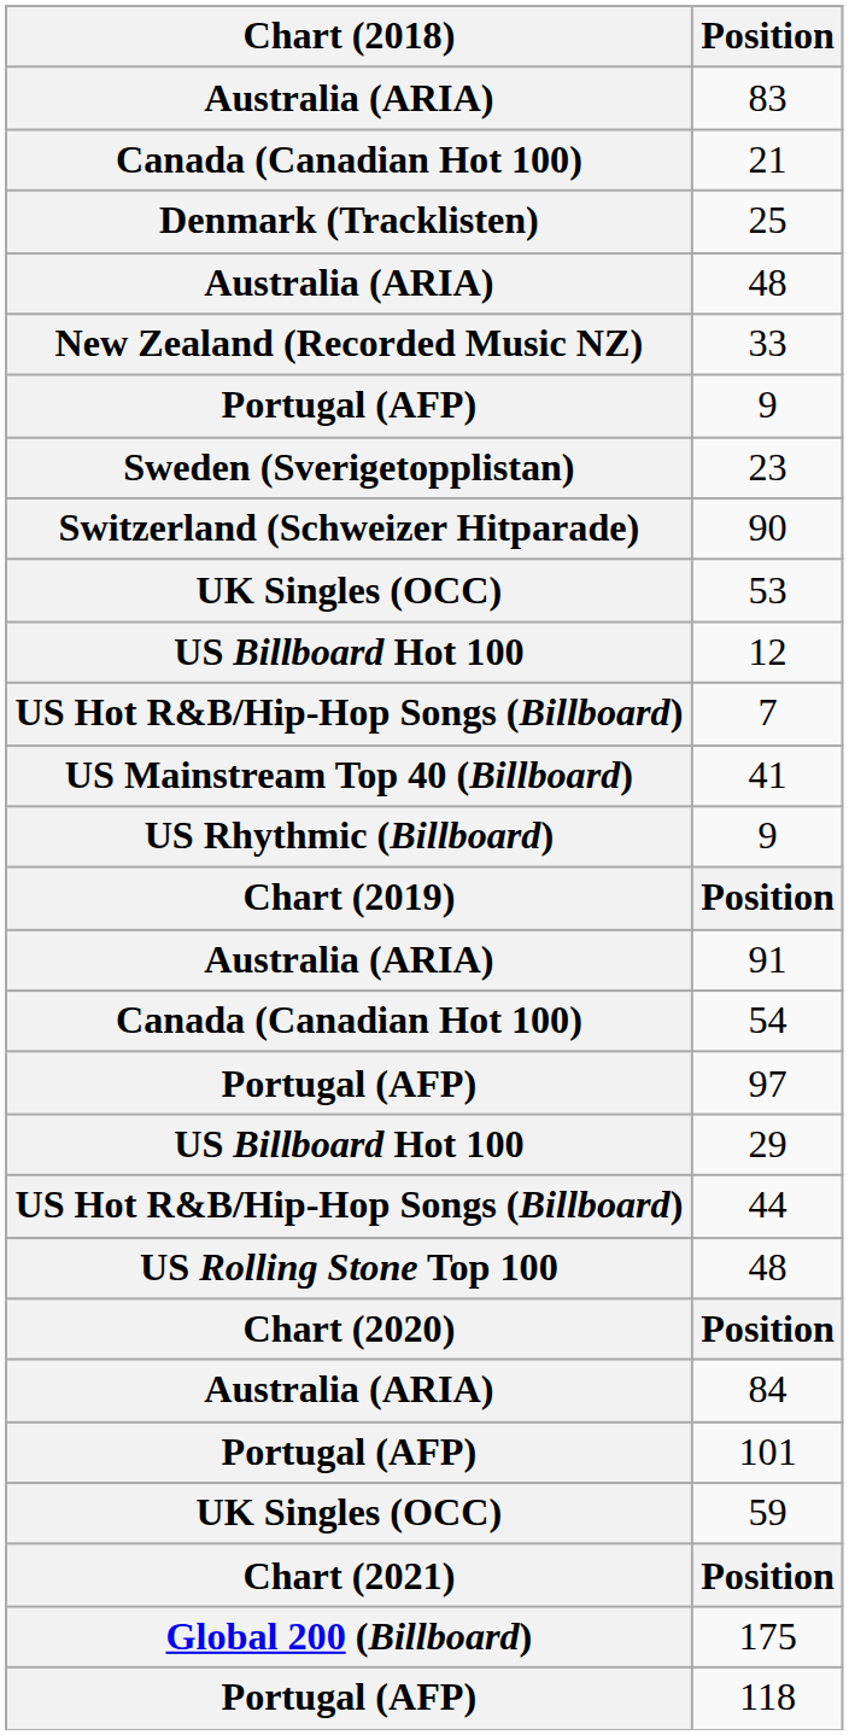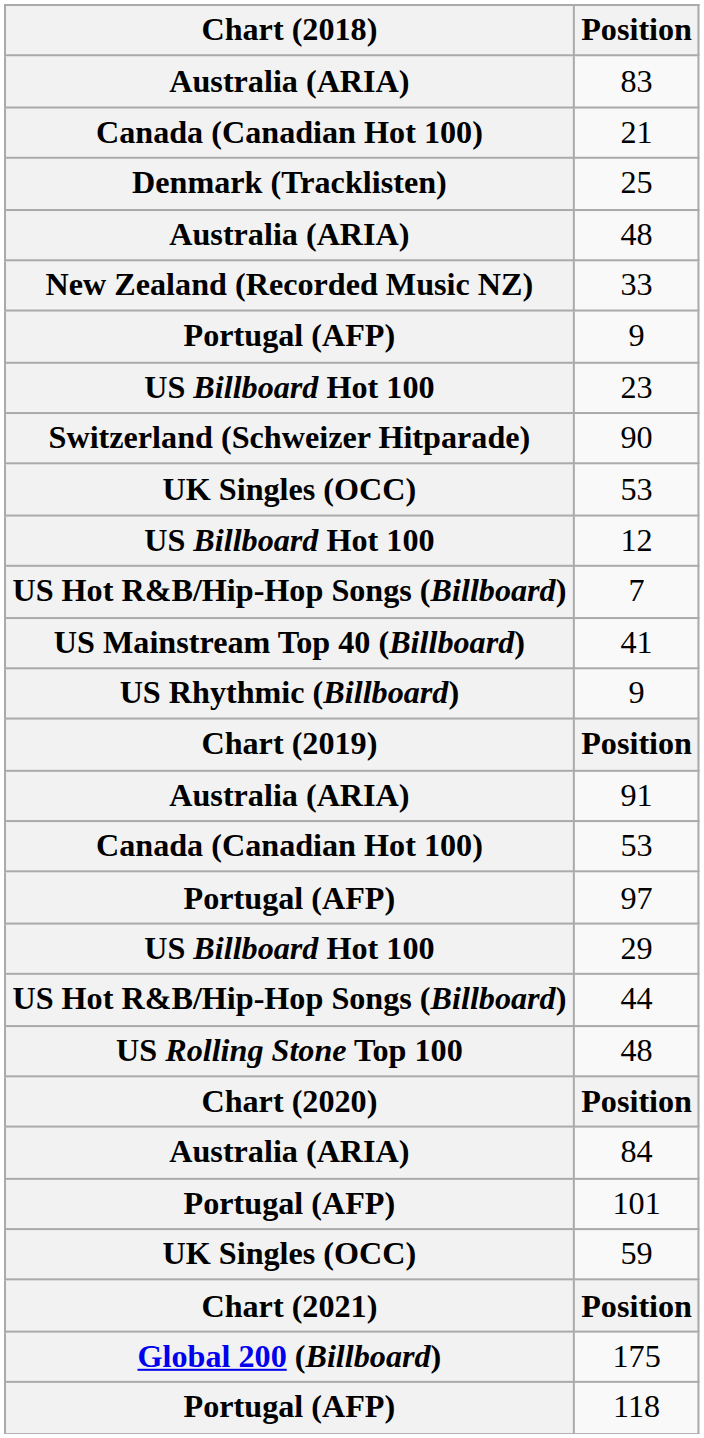 <table class="wikitable sortable plainrowheaders" style="text-align:center">
 <tr>
 <th scope="col">Chart (2018)</th>
 <th scope="col">Position</th>
 </tr>
 <tr>
 <th scope="row">Australia (ARIA)</th>
 <td>83</td>
 </tr>
 <tr>
 <th scope="row">Canada (Canadian Hot 100)</th>
 <td>21</td>
 </tr>
 <tr>
 <th scope="row">Denmark (Tracklisten)</th>
 <td>25</td>
 </tr>
 <tr>
 <th scope="row">Australia (ARIA)</th>
 <td>48</td>
 </tr>
 <tr>
 <th scope="row">New Zealand (Recorded Music NZ)</th>
 <td>33</td>
 </tr>
 <tr>
 <th scope="row">Portugal (AFP)</th>
 <td>9</td>
 </tr>
 <tr>
-<th scope="row">Sweden (Sverigetopplistan)</th>
+<th scope="row">US <em>Billboard</em> Hot 100</th>
 <td>23</td>
 </tr>
 <tr>
 <th scope="row">Switzerland (Schweizer Hitparade)</th>
 <td>90</td>
 </tr>
 <tr>
 <th scope="row">UK Singles (OCC)</th>
 <td>53</td>
 </tr>
 <tr>
 <th scope="row">US <em>Billboard</em> Hot 100</th>
 <td>12</td>
 </tr>
 <tr>
 <th scope="row">US Hot R&B/Hip-Hop Songs (<em>Billboard</em>)</th>
 <td>7</td>
 </tr>
 <tr>
 <th scope="row">US Mainstream Top 40 (<em>Billboard</em>)</th>
 <td>41</td>
 </tr>
 <tr>
 <th scope="row">US Rhythmic (<em>Billboard</em>)</th>
 <td>9</td>
 </tr>
 <tr>
 <th scope="col">Chart (2019)</th>
 <th scope="col">Position</th>
 </tr>
 <tr>
 <th scope="row">Australia (ARIA)</th>
 <td>91</td>
 </tr>
 <tr>
 <th scope="row">Canada (Canadian Hot 100)</th>
-<td>54</td>
+<td>53</td>
 </tr>
 <tr>
 <th scope="row">Portugal (AFP)</th>
 <td>97</td>
 </tr>
 <tr>
 <th scope="row">US <em>Billboard</em> Hot 100</th>
 <td>29</td>
 </tr>
 <tr>
 <th scope="row">US Hot R&B/Hip-Hop Songs (<em>Billboard</em>)</th>
 <td>44</td>
 </tr>
 <tr>
 <th scope="row">US <em>Rolling Stone</em> Top 100</th>
 <td>48</td>
 </tr>
 <tr>
 <th scope="col">Chart (2020)</th>
 <th scope="col">Position</th>
 </tr>
 <tr>
 <th scope="row">Australia (ARIA)</th>
 <td>84</td>
 </tr>
 <tr>
 <th scope="row">Portugal (AFP)</th>
 <td>101</td>
 </tr>
 <tr>
 <th scope="row">UK Singles (OCC)</th>
 <td>59</td>
 </tr>
 <tr>
 <th scope="col">Chart (2021)</th>
 <th scope="col">Position</th>
 </tr>
 <tr>
 <th scope="row"><a href='#'>Global 200</a> (<em>Billboard</em>)</th>
 <td>175</td>
 </tr>
 <tr>
 <th scope="row">Portugal (AFP)</th>
 <td>118</td>
 </tr>
 </table>
